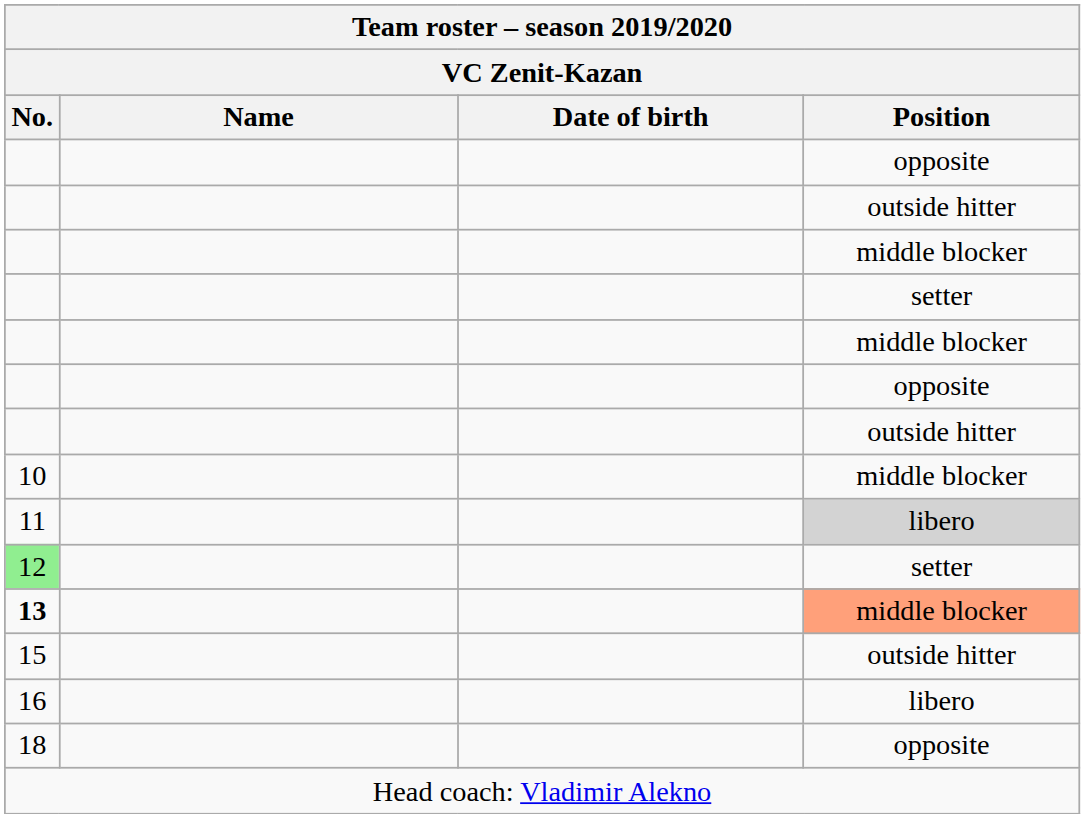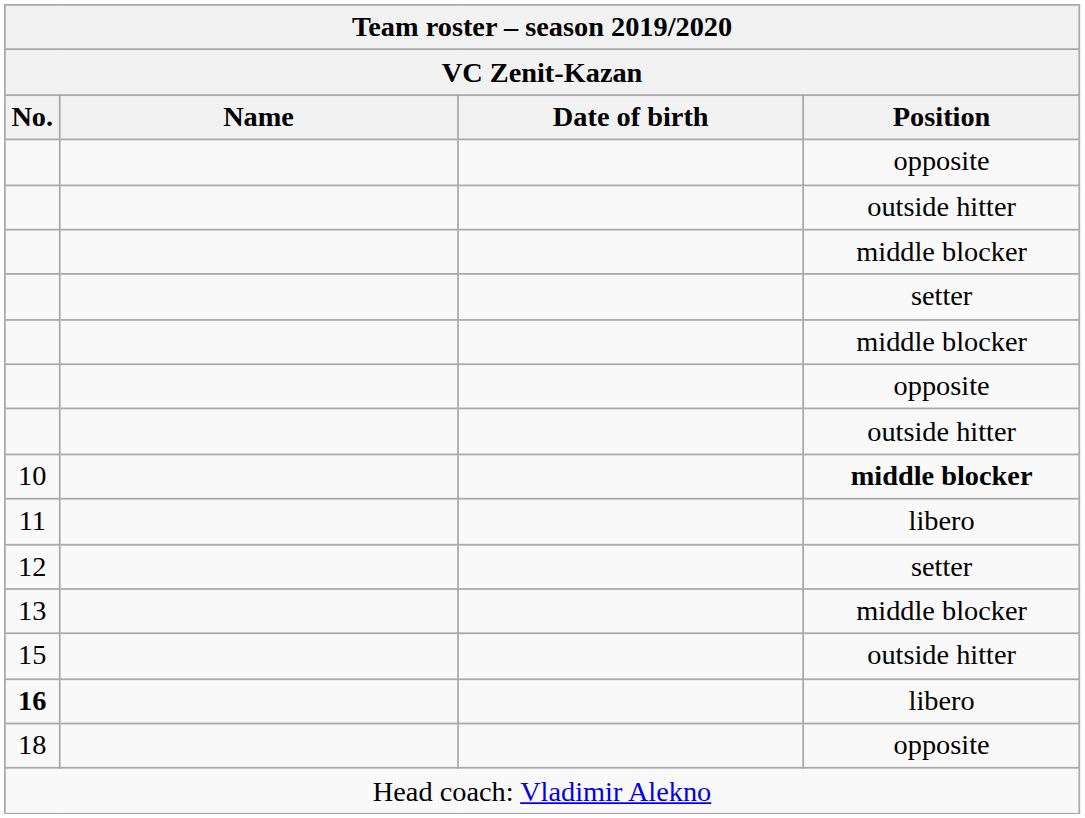 <table class="wikitable collapsible collapsed sortable" style="font-size:100%; text-align:center;">
 <tr>
 <th colspan=6>Team roster – season 2019/2020</th>
 </tr>
 <tr>
 <th colspan=6>VC Zenit-Kazan</th>
 </tr>
 <tr>
 <th>No.</th>
 <th style="width:15em">Name</th>
 <th style="width:13em">Date of birth</th>
 <th style="width:10em">Position</th>
 </tr>
 <tr>
 <td></td>
 <td align=left> </td>
 <td align=right></td>
 <td>opposite</td>
 </tr>
 <tr>
 <td></td>
 <td align=left> </td>
 <td align=right></td>
 <td>outside hitter</td>
 </tr>
 <tr>
 <td></td>
 <td align=left> </td>
 <td align=right></td>
 <td>middle blocker</td>
 </tr>
 <tr>
 <td></td>
 <td align=left> </td>
 <td align=right></td>
 <td>setter</td>
 </tr>
 <tr>
 <td></td>
 <td align=left> </td>
 <td align=right></td>
 <td>middle blocker</td>
 </tr>
 <tr>
 <td></td>
 <td align=left> </td>
 <td align=right></td>
 <td>opposite</td>
 </tr>
 <tr>
 <td></td>
 <td align=left> </td>
 <td align=right></td>
 <td>outside hitter</td>
 </tr>
 <tr>
 <td>10</td>
 <td align=left> </td>
 <td align=right></td>
-<td>middle blocker</td>
+<td><strong>middle blocker</strong></td>
 </tr>
 <tr>
 <td>11</td>
 <td align=left> </td>
 <td align=right></td>
-<td style="background: lightgrey;">libero</td>
+<td>libero</td>
 </tr>
 <tr>
-<td style="background: lightgreen;">12</td>
+<td>12</td>
 <td align=left> </td>
 <td align=right></td>
 <td>setter</td>
 </tr>
 <tr>
-<td><strong>13</strong></td>
+<td>13</td>
 <td align=left> </td>
 <td align=right></td>
-<td style="background: lightsalmon;">middle blocker</td>
+<td>middle blocker</td>
 </tr>
 <tr>
 <td>15</td>
 <td align=left> </td>
 <td align=right></td>
 <td>outside hitter</td>
 </tr>
 <tr>
-<td>16</td>
+<td><strong>16</strong></td>
 <td align=left> </td>
 <td align=right></td>
 <td>libero</td>
 </tr>
 <tr>
 <td>18</td>
 <td align=left> </td>
 <td align=right></td>
 <td>opposite</td>
 </tr>
 <tr>
 <td colspan=4>Head coach:  <a href='#'>Vladimir Alekno</a></td>
 </tr>
 </table>
